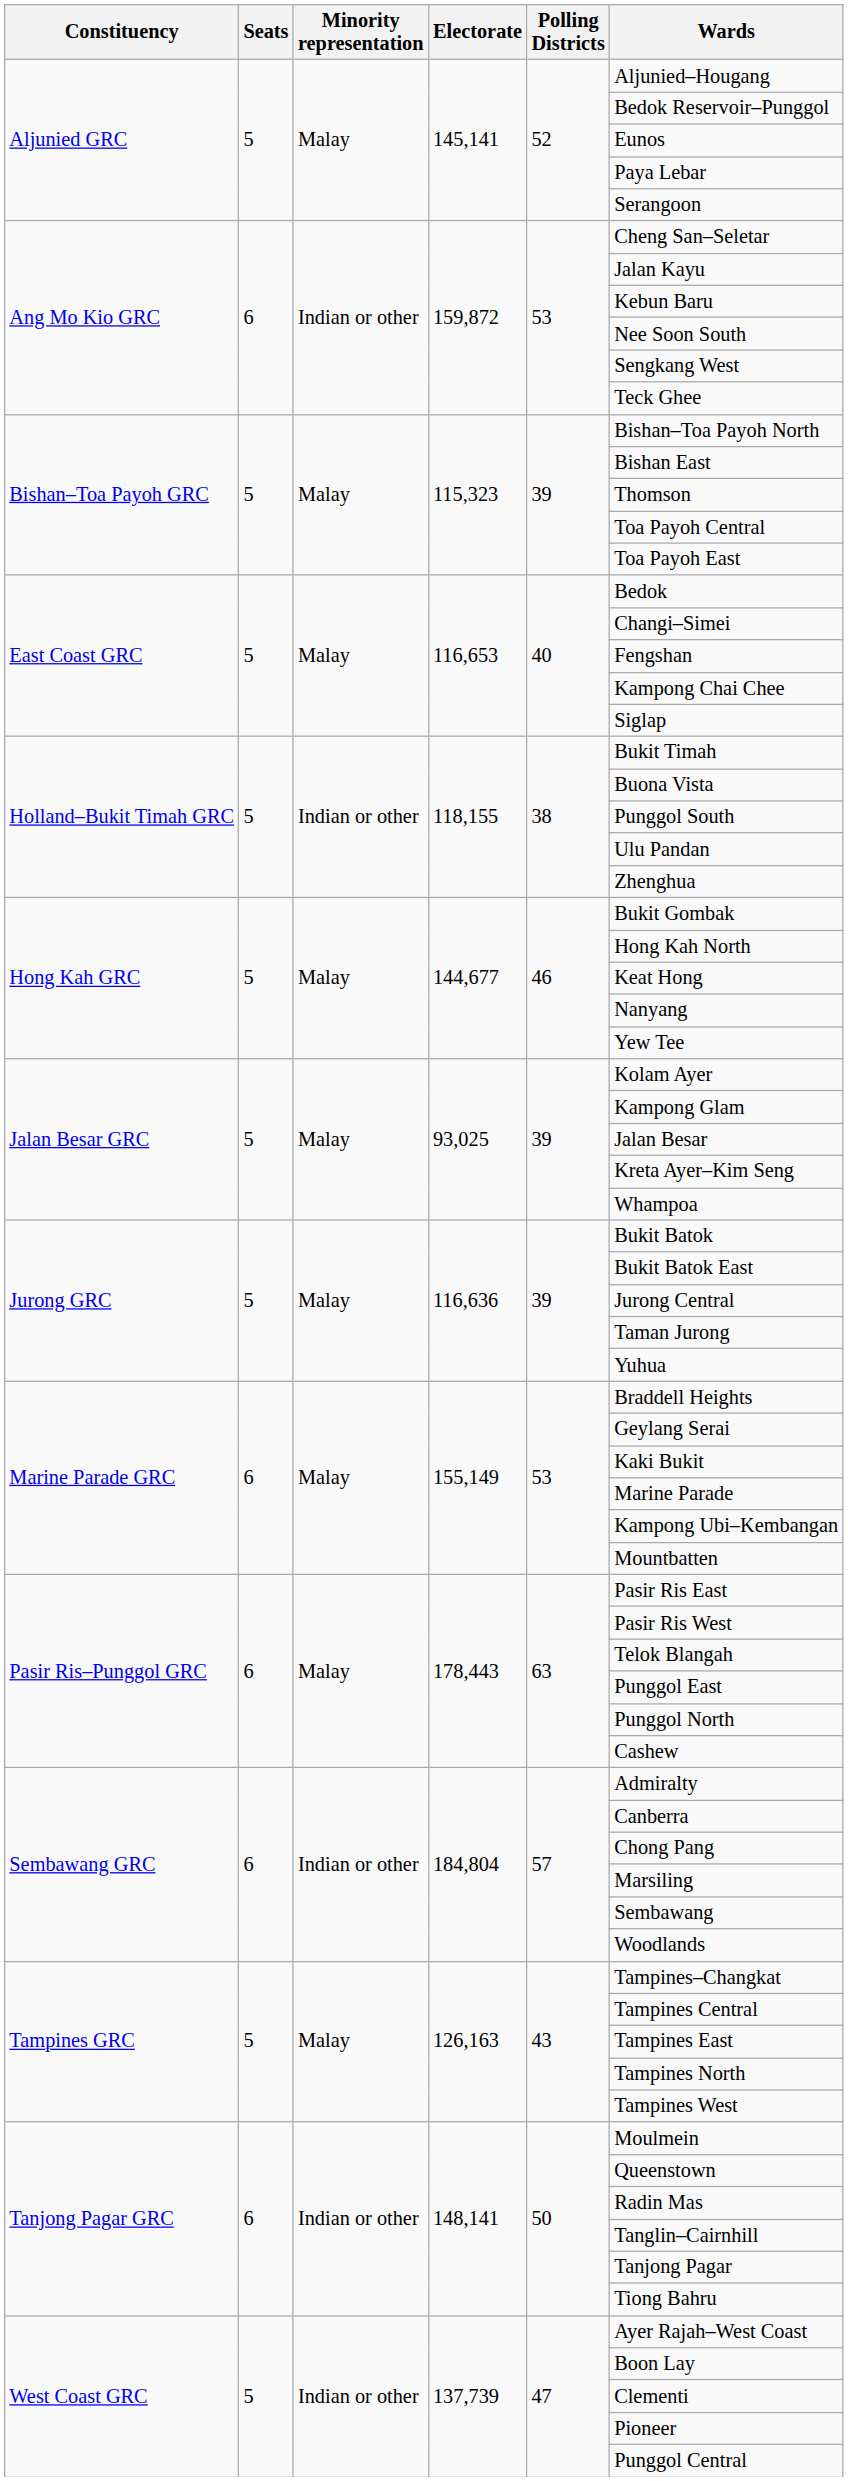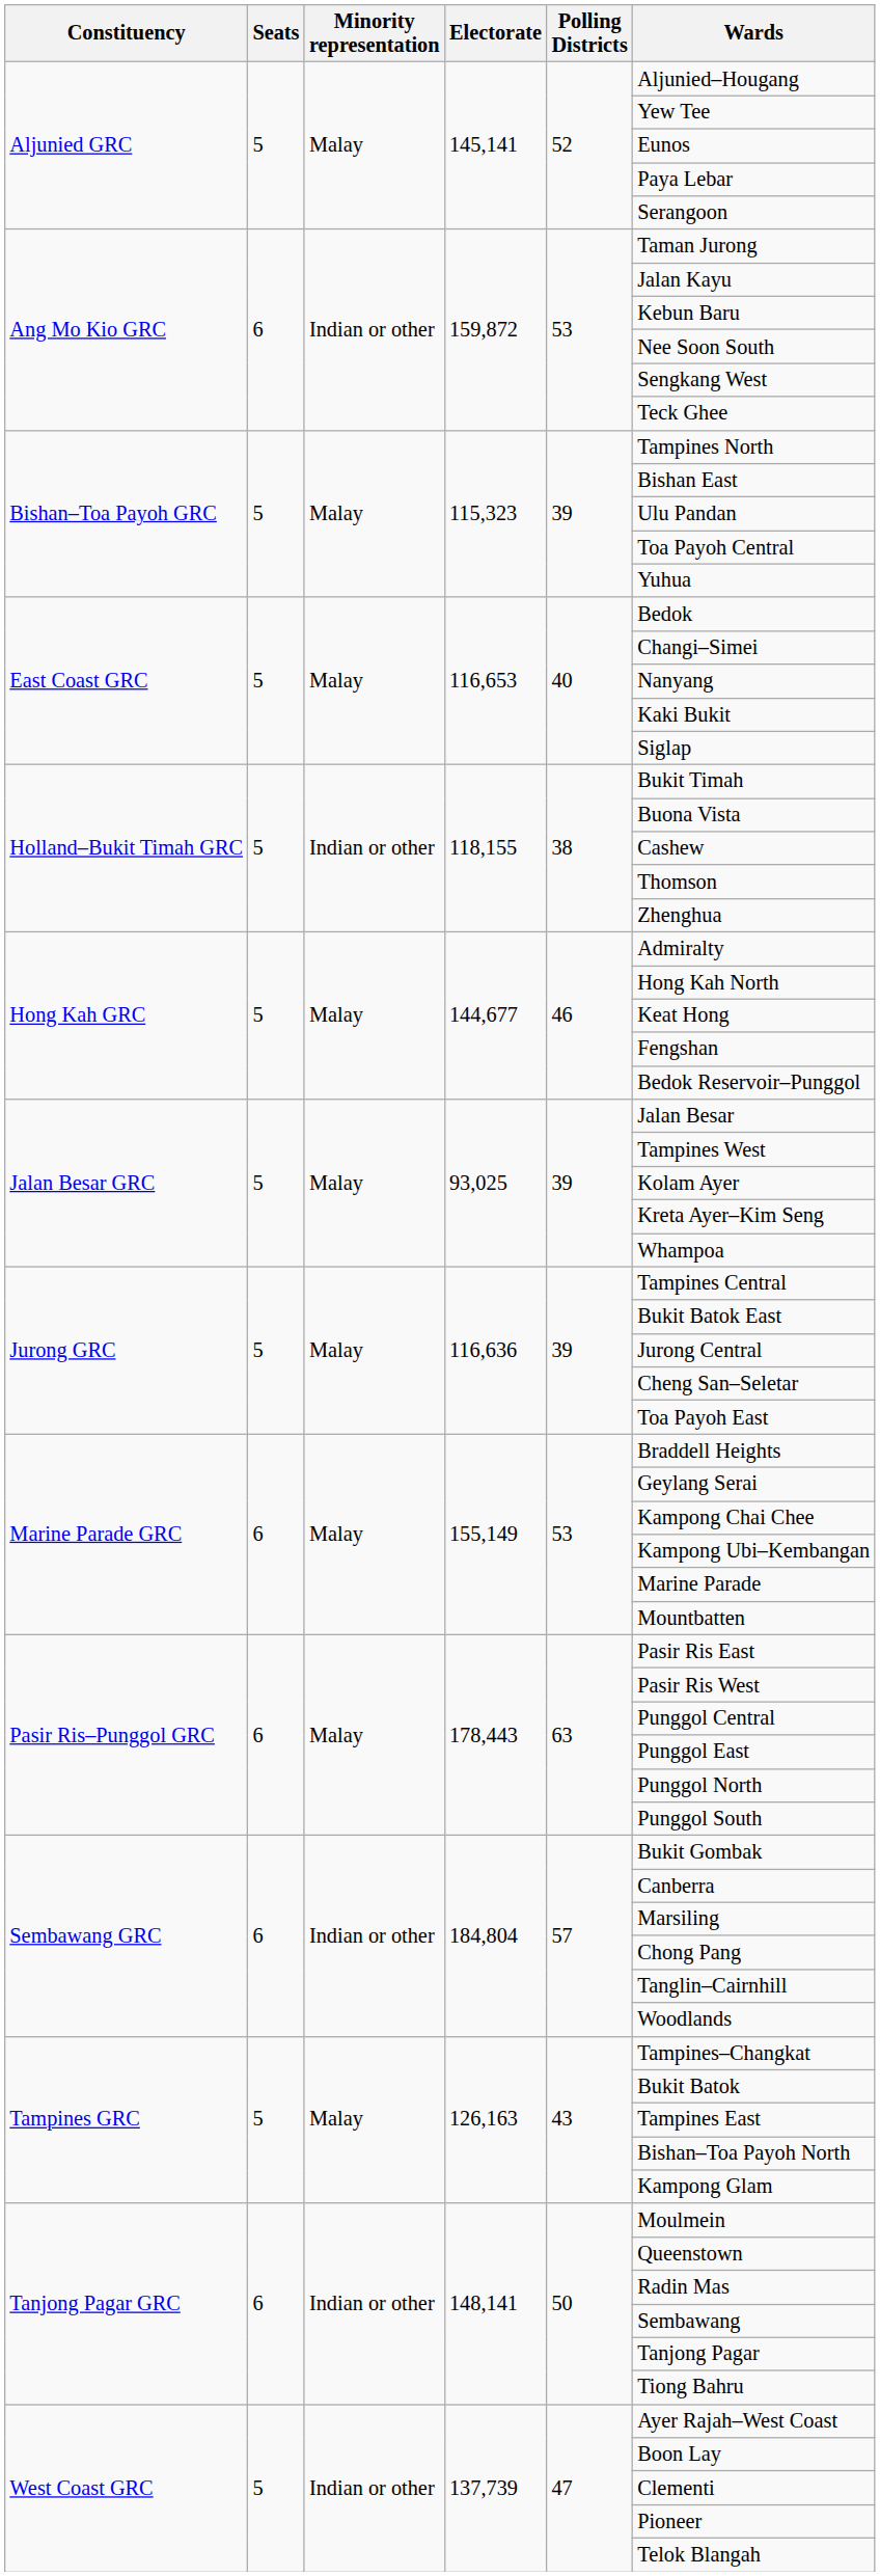 <table class="wikitable">
 <tr>
 <th>Constituency</th>
 <th>Seats</th>
 <th>Minority<br>representation</th>
 <th>Electorate</th>
 <th>Polling<br>Districts</th>
 <th>Wards</th>
 </tr>
 <tr>
 <td rowspan="5"><a href='#'>Aljunied GRC</a></td>
 <td rowspan="5">5</td>
 <td rowspan="5">Malay</td>
 <td rowspan="5">145,141</td>
 <td rowspan="5">52</td>
 <td>Aljunied–Hougang</td>
 </tr>
 <tr>
-<td>Bedok Reservoir–Punggol</td>
+<td>Yew Tee</td>
 </tr>
 <tr>
 <td>Eunos</td>
 </tr>
 <tr>
 <td>Paya Lebar</td>
 </tr>
 <tr>
 <td>Serangoon</td>
 </tr>
 <tr>
 <td rowspan="6"><a href='#'>Ang Mo Kio GRC</a></td>
 <td rowspan="6">6</td>
 <td rowspan="6">Indian or other</td>
 <td rowspan="6">159,872</td>
 <td rowspan="6">53</td>
-<td>Cheng San–Seletar</td>
+<td>Taman Jurong</td>
 </tr>
 <tr>
 <td>Jalan Kayu</td>
 </tr>
 <tr>
 <td>Kebun Baru</td>
 </tr>
 <tr>
 <td>Nee Soon South</td>
 </tr>
 <tr>
 <td>Sengkang West</td>
 </tr>
 <tr>
 <td>Teck Ghee</td>
 </tr>
 <tr>
 <td rowspan="5"><a href='#'>Bishan–Toa Payoh GRC</a></td>
 <td rowspan="5">5</td>
 <td rowspan="5">Malay</td>
 <td rowspan="5">115,323</td>
 <td rowspan="5">39</td>
-<td>Bishan–Toa Payoh North</td>
+<td>Tampines North</td>
 </tr>
 <tr>
 <td>Bishan East</td>
 </tr>
 <tr>
-<td>Thomson</td>
+<td>Ulu Pandan</td>
 </tr>
 <tr>
 <td>Toa Payoh Central</td>
 </tr>
 <tr>
-<td>Toa Payoh East</td>
+<td>Yuhua</td>
 </tr>
 <tr>
 <td rowspan="5"><a href='#'>East Coast GRC</a></td>
 <td rowspan="5">5</td>
 <td rowspan="5">Malay</td>
 <td rowspan="5">116,653</td>
 <td rowspan="5">40</td>
 <td>Bedok</td>
 </tr>
 <tr>
 <td>Changi–Simei</td>
 </tr>
 <tr>
-<td>Fengshan</td>
+<td>Nanyang</td>
 </tr>
 <tr>
-<td>Kampong Chai Chee</td>
+<td>Kaki Bukit</td>
 </tr>
 <tr>
 <td>Siglap</td>
 </tr>
 <tr>
 <td rowspan="5"><a href='#'>Holland–Bukit Timah GRC</a></td>
 <td rowspan="5">5</td>
 <td rowspan="5">Indian or other</td>
 <td rowspan="5">118,155</td>
 <td rowspan="5">38</td>
 <td>Bukit Timah</td>
 </tr>
 <tr>
 <td>Buona Vista</td>
 </tr>
 <tr>
-<td>Punggol South</td>
+<td>Cashew</td>
 </tr>
 <tr>
-<td>Ulu Pandan</td>
+<td>Thomson</td>
 </tr>
 <tr>
 <td>Zhenghua</td>
 </tr>
 <tr>
 <td rowspan="5"><a href='#'>Hong Kah GRC</a></td>
 <td rowspan="5">5</td>
 <td rowspan="5">Malay</td>
 <td rowspan="5">144,677</td>
 <td rowspan="5">46</td>
-<td>Bukit Gombak</td>
+<td>Admiralty</td>
 </tr>
 <tr>
 <td>Hong Kah North</td>
 </tr>
 <tr>
 <td>Keat Hong</td>
 </tr>
 <tr>
-<td>Nanyang</td>
+<td>Fengshan</td>
 </tr>
 <tr>
-<td>Yew Tee</td>
+<td>Bedok Reservoir–Punggol</td>
 </tr>
 <tr>
 <td rowspan="5"><a href='#'>Jalan Besar GRC</a></td>
 <td rowspan="5">5</td>
 <td rowspan="5">Malay</td>
 <td rowspan="5">93,025</td>
 <td rowspan="5">39</td>
-<td>Kolam Ayer</td>
+<td>Jalan Besar</td>
 </tr>
 <tr>
-<td>Kampong Glam</td>
+<td>Tampines West</td>
 </tr>
 <tr>
-<td>Jalan Besar</td>
+<td>Kolam Ayer</td>
 </tr>
 <tr>
 <td>Kreta Ayer–Kim Seng</td>
 </tr>
 <tr>
 <td>Whampoa</td>
 </tr>
 <tr>
 <td rowspan="5"><a href='#'>Jurong GRC</a></td>
 <td rowspan="5">5</td>
 <td rowspan="5">Malay</td>
 <td rowspan="5">116,636</td>
 <td rowspan="5">39</td>
-<td>Bukit Batok</td>
+<td>Tampines Central</td>
 </tr>
 <tr>
 <td>Bukit Batok East</td>
 </tr>
 <tr>
 <td>Jurong Central</td>
 </tr>
 <tr>
-<td>Taman Jurong</td>
+<td>Cheng San–Seletar</td>
 </tr>
 <tr>
-<td>Yuhua</td>
+<td>Toa Payoh East</td>
 </tr>
 <tr>
 <td rowspan="6"><a href='#'>Marine Parade GRC</a></td>
 <td rowspan="6">6</td>
 <td rowspan="6">Malay</td>
 <td rowspan="6">155,149</td>
 <td rowspan="6">53</td>
 <td>Braddell Heights</td>
 </tr>
 <tr>
 <td>Geylang Serai</td>
 </tr>
 <tr>
-<td>Kaki Bukit</td>
+<td>Kampong Chai Chee</td>
+</tr>
+<tr>
+<td>Kampong Ubi–Kembangan</td>
 </tr>
 <tr>
 <td>Marine Parade</td>
-</tr>
-<tr>
-<td>Kampong Ubi–Kembangan</td>
 </tr>
 <tr>
 <td>Mountbatten</td>
 </tr>
 <tr>
 <td rowspan="6"><a href='#'>Pasir Ris–Punggol GRC</a></td>
 <td rowspan="6">6</td>
 <td rowspan="6">Malay</td>
 <td rowspan="6">178,443</td>
 <td rowspan="6">63</td>
 <td>Pasir Ris East</td>
 </tr>
 <tr>
 <td>Pasir Ris West</td>
 </tr>
 <tr>
-<td>Telok Blangah</td>
+<td>Punggol Central</td>
 </tr>
 <tr>
 <td>Punggol East</td>
 </tr>
 <tr>
 <td>Punggol North</td>
 </tr>
 <tr>
-<td>Cashew</td>
+<td>Punggol South</td>
 </tr>
 <tr>
 <td rowspan="6"><a href='#'>Sembawang GRC</a></td>
 <td rowspan="6">6</td>
 <td rowspan="6">Indian or other</td>
 <td rowspan="6">184,804</td>
 <td rowspan="6">57</td>
-<td>Admiralty</td>
+<td>Bukit Gombak</td>
 </tr>
 <tr>
 <td>Canberra</td>
 </tr>
 <tr>
+<td>Marsiling</td>
+</tr>
+<tr>
 <td>Chong Pang</td>
 </tr>
 <tr>
-<td>Marsiling</td>
-</tr>
-<tr>
-<td>Sembawang</td>
+<td>Tanglin–Cairnhill</td>
 </tr>
 <tr>
 <td>Woodlands</td>
 </tr>
 <tr>
 <td rowspan="5"><a href='#'>Tampines GRC</a></td>
 <td rowspan="5">5</td>
 <td rowspan="5">Malay</td>
 <td rowspan="5">126,163</td>
 <td rowspan="5">43</td>
 <td>Tampines–Changkat</td>
 </tr>
 <tr>
-<td>Tampines Central</td>
+<td>Bukit Batok</td>
 </tr>
 <tr>
 <td>Tampines East</td>
 </tr>
 <tr>
-<td>Tampines North</td>
+<td>Bishan–Toa Payoh North</td>
 </tr>
 <tr>
-<td>Tampines West</td>
+<td>Kampong Glam</td>
 </tr>
 <tr>
 <td rowspan="6"><a href='#'>Tanjong Pagar GRC</a></td>
 <td rowspan="6">6</td>
 <td rowspan="6">Indian or other</td>
 <td rowspan="6">148,141</td>
 <td rowspan="6">50</td>
 <td>Moulmein</td>
 </tr>
 <tr>
 <td>Queenstown</td>
 </tr>
 <tr>
 <td>Radin Mas</td>
 </tr>
 <tr>
-<td>Tanglin–Cairnhill</td>
+<td>Sembawang</td>
 </tr>
 <tr>
 <td>Tanjong Pagar</td>
 </tr>
 <tr>
 <td>Tiong Bahru</td>
 </tr>
 <tr>
 <td rowspan="5"><a href='#'>West Coast GRC</a></td>
 <td rowspan="5">5</td>
 <td rowspan="5">Indian or other</td>
 <td rowspan="5">137,739</td>
 <td rowspan="5">47</td>
 <td>Ayer Rajah–West Coast</td>
 </tr>
 <tr>
 <td>Boon Lay</td>
 </tr>
 <tr>
 <td>Clementi</td>
 </tr>
 <tr>
 <td>Pioneer</td>
 </tr>
 <tr>
-<td>Punggol Central</td>
+<td>Telok Blangah</td>
 </tr>
 </table>
